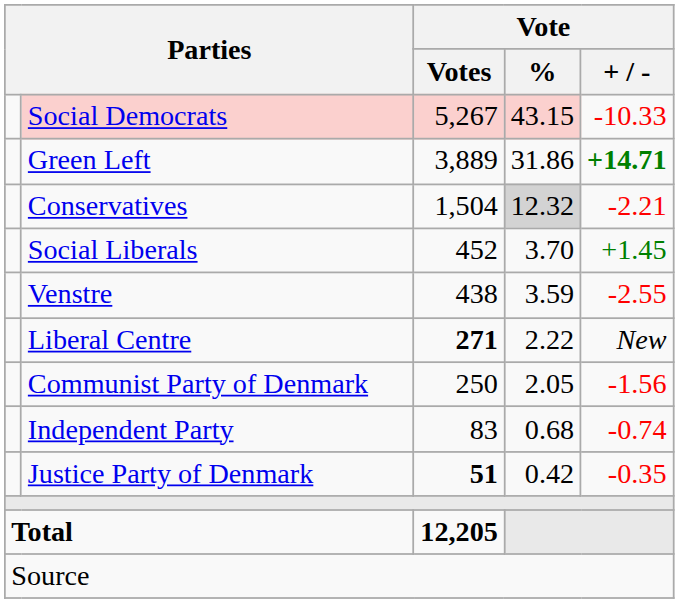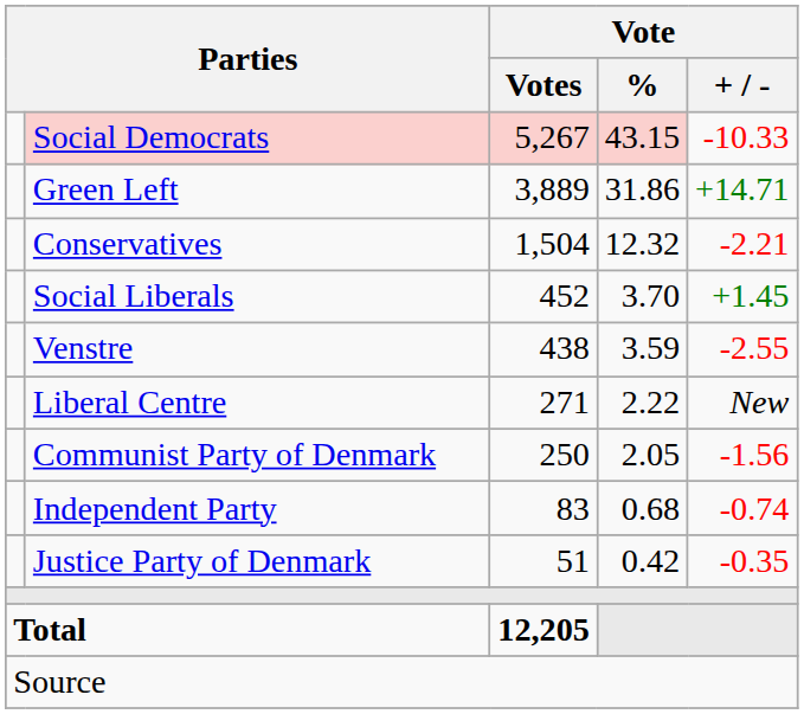 <table class="wikitable" style="text-align:right;">
 <tr>
 <th style="text-align:centre;" rowspan="2" colspan="2" width="225">Parties</th>
 <th colspan="3">Vote</th>
 </tr>
 <tr>
 <th width="15">Votes</th>
 <th width="15">%</th>
 <th width="15">+ / -</th>
 </tr>
 <tr>
 <td width="2" style="color:inherit;background:"></td>
 <td bgcolor=#fbd0ce  align="left"><a href='#'>Social Democrats</a></td>
 <td bgcolor=#fbd0ce>5,267</td>
 <td bgcolor=#fbd0ce>43.15</td>
 <td style=color:red;>-10.33</td>
 </tr>
 <tr>
 <td width="2" style="color:inherit;background:"></td>
 <td align="left"><a href='#'>Green Left</a></td>
 <td>3,889</td>
 <td>31.86</td>
-<td style=color:green;><strong>+14.71</strong></td>
+<td style=color:green;>+14.71</td>
 </tr>
 <tr>
 <td width="2" style="color:inherit;background:"></td>
 <td align="left"><a href='#'>Conservatives</a></td>
 <td>1,504</td>
-<td style="background: lightgrey;">12.32</td>
+<td>12.32</td>
 <td style=color:red;>-2.21</td>
 </tr>
 <tr>
 <td width="2" style="color:inherit;background:"></td>
 <td align="left"><a href='#'>Social Liberals</a></td>
 <td>452</td>
 <td>3.70</td>
 <td style=color:green;>+1.45</td>
 </tr>
 <tr>
 <td width="2" style="color:inherit;background:"></td>
 <td align="left"><a href='#'>Venstre</a></td>
 <td>438</td>
 <td>3.59</td>
 <td style=color:red;>-2.55</td>
 </tr>
 <tr>
 <td width="2" style="color:inherit;background:"></td>
 <td align="left"><a href='#'>Liberal Centre</a></td>
-<td><strong>271</strong></td>
+<td>271</td>
 <td>2.22</td>
 <td><em>New</em></td>
 </tr>
 <tr>
 <td width="2" style="color:inherit;background:"></td>
 <td align="left"><a href='#'>Communist Party of Denmark</a></td>
 <td>250</td>
 <td>2.05</td>
 <td style=color:red;>-1.56</td>
 </tr>
 <tr>
 <td width="2" style="color:inherit;background:"></td>
 <td align="left"><a href='#'>Independent Party</a></td>
 <td>83</td>
 <td>0.68</td>
 <td style=color:red;>-0.74</td>
 </tr>
 <tr>
 <td width="2" style="color:inherit;background:"></td>
 <td align="left"><a href='#'>Justice Party of Denmark</a></td>
-<td><strong>51</strong></td>
+<td>51</td>
 <td>0.42</td>
 <td style=color:red;>-0.35</td>
 </tr>
 <tr>
 <td colspan="7" bgcolor="#E9E9E9"></td>
 </tr>
 <tr>
 <td align="left" colspan="2"><strong>Total</strong></td>
 <td><strong>12,205</strong></td>
 <td bgcolor="#E9E9E9" colspan="2"></td>
 </tr>
 <tr>
 <td align="left" colspan="6">Source</td>
 </tr>
 </table>
